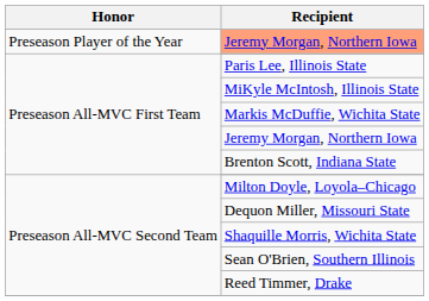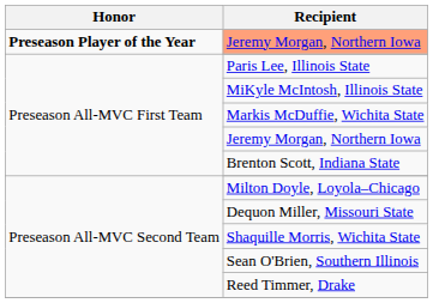 <table class="wikitable" border="1">
 <tr>
 <th>Honor</th>
 <th>Recipient</th>
 </tr>
 <tr>
-<td>Preseason Player of the Year</td>
+<td><strong>Preseason Player of the Year</strong></td>
 <td style="background: lightsalmon;"><a href='#'>Jeremy Morgan</a>, <a href='#'>Northern Iowa</a></td>
 </tr>
 <tr>
 <td rowspan="6" valign="middle">Preseason All-MVC First Team</td>
 </tr>
 <tr>
 <td><a href='#'>Paris Lee</a>, <a href='#'>Illinois State</a></td>
 </tr>
 <tr>
 <td><a href='#'>MiKyle McIntosh</a>, <a href='#'>Illinois State</a></td>
 </tr>
 <tr>
 <td><a href='#'>Markis McDuffie</a>, <a href='#'>Wichita State</a></td>
 </tr>
 <tr>
 <td><a href='#'>Jeremy Morgan</a>, <a href='#'>Northern Iowa</a></td>
 </tr>
 <tr>
 <td>Brenton Scott, <a href='#'>Indiana State</a></td>
 </tr>
 <tr>
 <td rowspan="6" valign="middle">Preseason All-MVC Second Team</td>
 </tr>
 <tr>
 <td><a href='#'>Milton Doyle</a>, <a href='#'>Loyola–Chicago</a></td>
 </tr>
 <tr>
 <td>Dequon Miller, <a href='#'>Missouri State</a></td>
 </tr>
 <tr>
 <td><a href='#'>Shaquille Morris</a>, <a href='#'>Wichita State</a></td>
 </tr>
 <tr>
 <td>Sean O'Brien, <a href='#'>Southern Illinois</a></td>
 </tr>
 <tr>
 <td>Reed Timmer, <a href='#'>Drake</a></td>
 </tr>
 <tr>
 </tr>
 </table>
